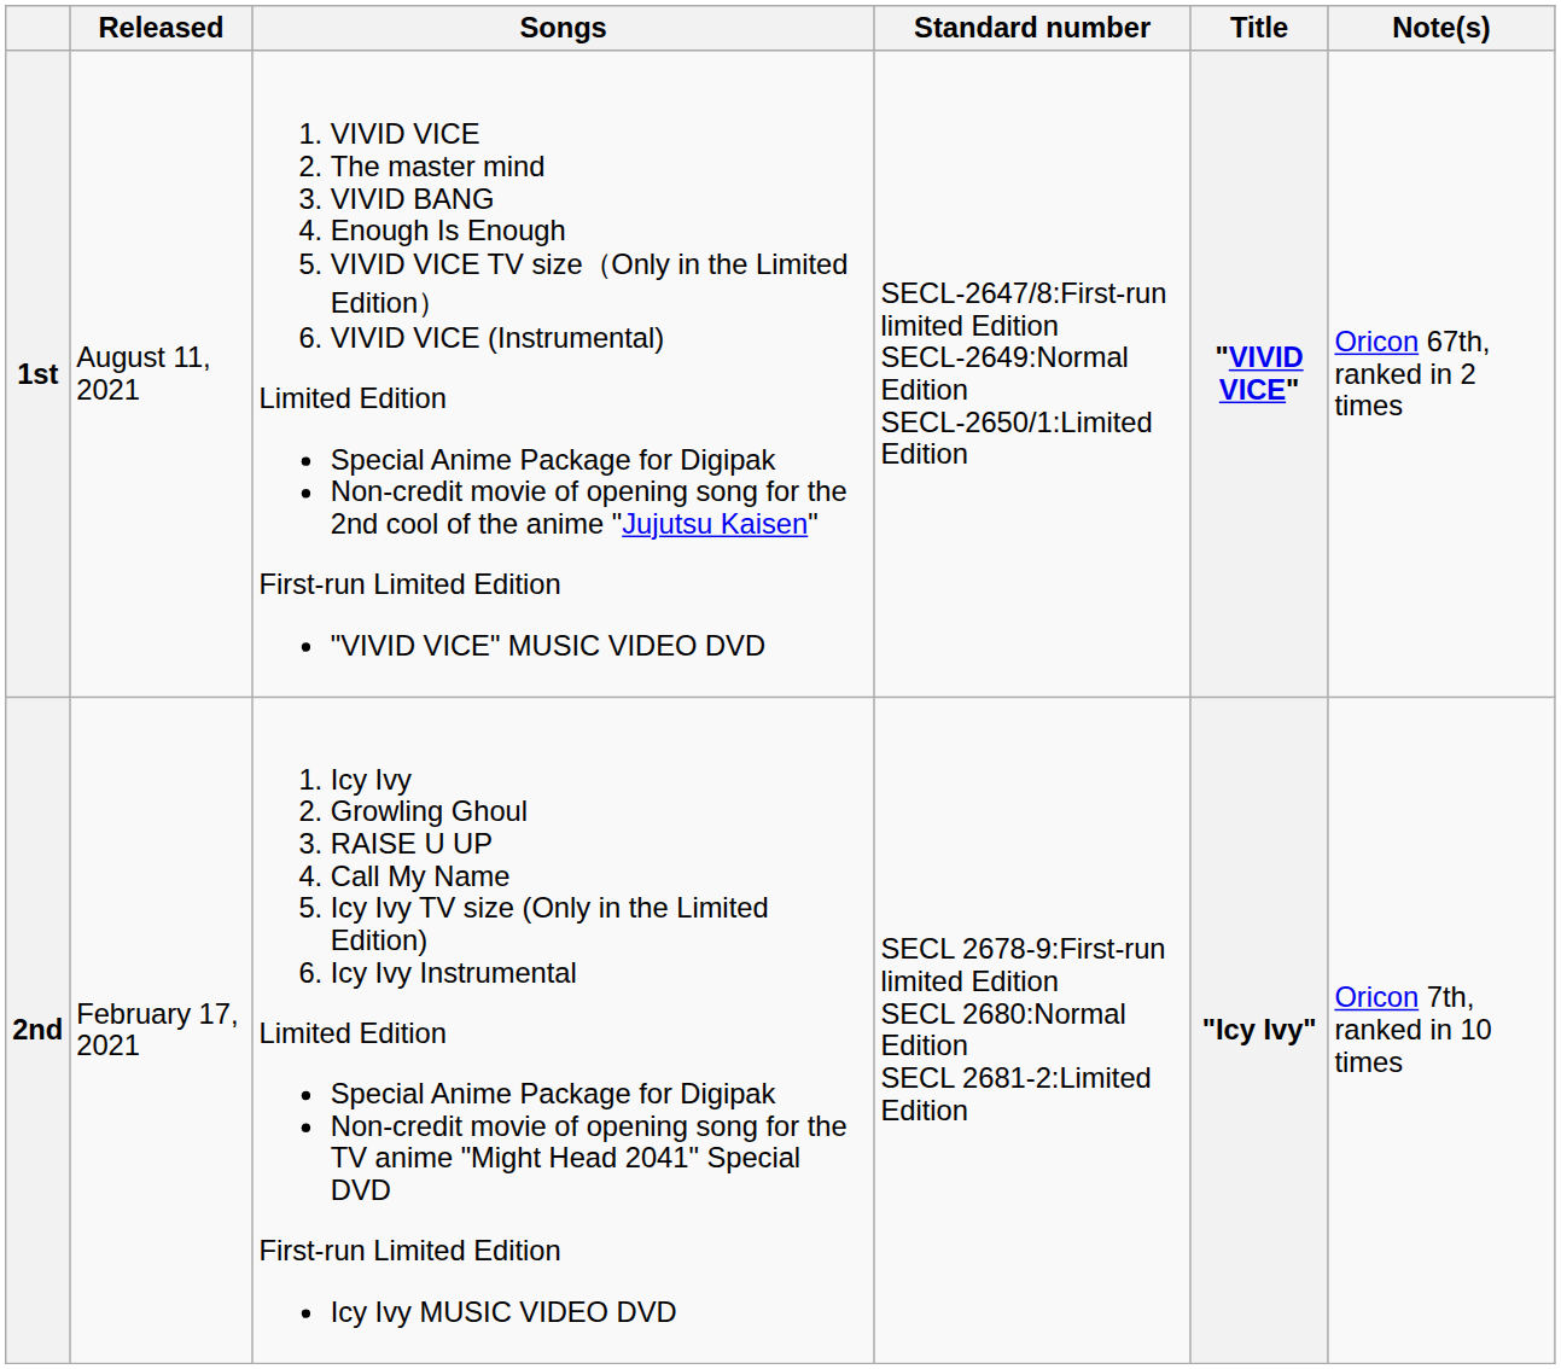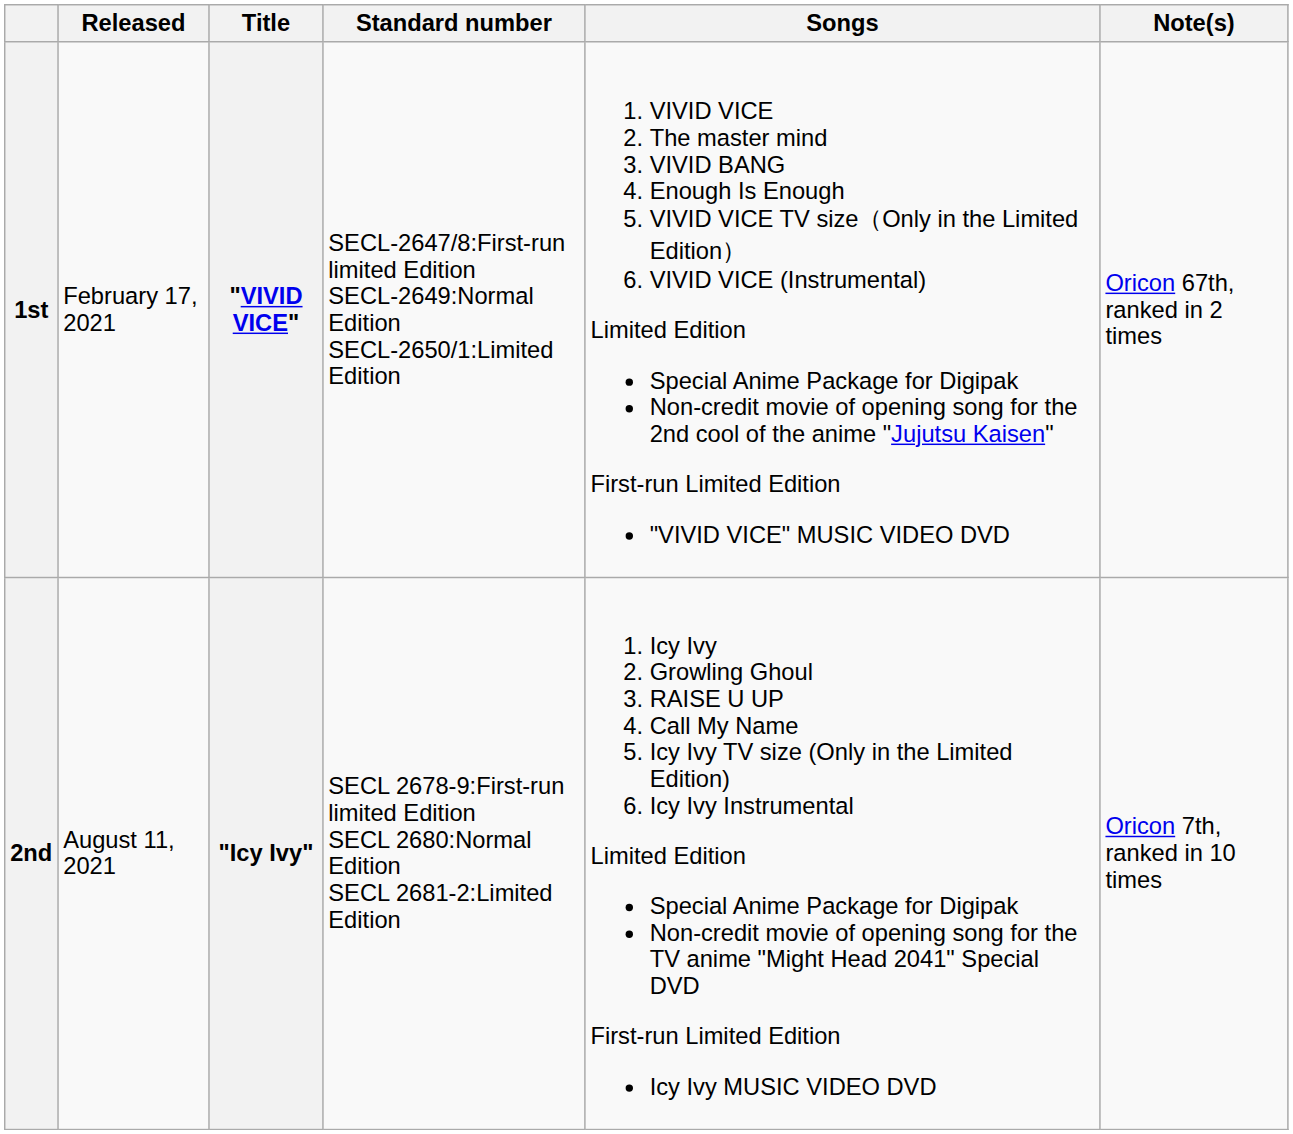 <table class="wikitable plainrowheaders">
 <tr>
 <th> </th>
 <th scope="col" rowspan="1">Released</th>
+<th scope="col" rowspan="1">Title</th>
+<th scope="col" rowspan="1">Standard number</th>
 <th scope="col" rowspan="1">Songs</th>
-<th scope="col" rowspan="1">Standard number</th>
-<th scope="col" rowspan="1">Title</th>
 <th scope="col" rowspan="1">Note(s)</th>
 </tr>
 <tr>
 <th>1st</th>
-<td>August 11, 2021 </td>
+<td>February 17, 2021 </td>
+<th scope="row">"<a href='#'>VIVID VICE</a>"</th>
+<td>SECL-2647/8:First-run limited Edition<br>SECL-2649:Normal Edition<br>SECL-2650/1:Limited Edition</td>
 <td><br><ol><li>VIVID VICE</li><li>The master mind</li><li>VIVID BANG</li><li>Enough Is Enough</li><li>VIVID VICE TV size（Only in the Limited Edition）</li><li>VIVID VICE (Instrumental)</li></ol>Limited Edition<ul><li>Special Anime Package for Digipak</li><li>Non-credit movie of opening song for the 2nd cool of the anime "<a href='#'>Jujutsu Kaisen</a>"</li></ul>First-run Limited Edition<ul><li>"VIVID VICE" MUSIC VIDEO DVD</li></ul></td>
-<td>SECL-2647/8:First-run limited Edition<br>SECL-2649:Normal Edition<br>SECL-2650/1:Limited Edition</td>
-<th scope="row">"<a href='#'>VIVID VICE</a>"</th>
 <td><a href='#'>Oricon</a> 67th, ranked in 2 times</td>
 </tr>
 <tr>
 <th>2nd</th>
-<td>February 17, 2021 </td>
+<td>August 11, 2021 </td>
+<th scope="row">"Icy Ivy"</th>
+<td>SECL 2678-9:First-run limited Edition<br>SECL 2680:Normal Edition<br>SECL 2681-2:Limited Edition</td>
 <td><br><ol><li>Icy Ivy</li><li>Growling Ghoul</li><li>RAISE U UP</li><li>Call My Name</li><li>Icy Ivy TV size (Only in the Limited Edition)</li><li>Icy Ivy Instrumental</li></ol>Limited Edition<ul><li>Special Anime Package for Digipak</li><li>Non-credit movie of opening song for the TV anime "Might Head 2041" Special DVD</li></ul>First-run Limited Edition<ul><li>Icy Ivy MUSIC VIDEO DVD</li></ul></td>
-<td>SECL 2678-9:First-run limited Edition<br>SECL 2680:Normal Edition<br>SECL 2681-2:Limited Edition</td>
-<th scope="row">"Icy Ivy"</th>
 <td><a href='#'>Oricon</a> 7th, ranked in 10 times</td>
 </tr>
 </table>
